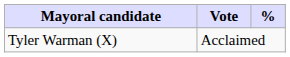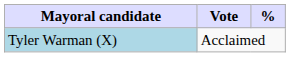 <table class="wikitable">
 <tr>
 <th style="background:#ddf; width:200px;">Mayoral candidate</th>
 <th style="background:#ddf; width:50px;">Vote</th>
 <th style="background:#ddf; width:30px;">%</th>
 </tr>
 <tr>
-<td>Tyler Warman (X)</td>
+<td style="background: lightblue;">Tyler Warman (X)</td>
 <td colspan="2">Acclaimed</td>
 </tr>
 </table>
